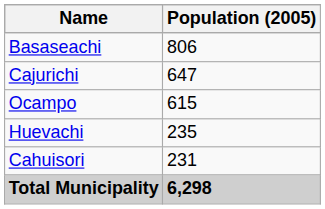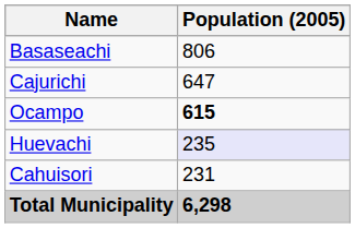 <table class="wikitable">
 <tr style="background:#000000; color:black;">
 <th><strong>Name</strong></th>
 <th><strong>Population (2005)</strong></th>
 </tr>
 <tr>
 <td><a href='#'>Basaseachi</a></td>
 <td>806</td>
 </tr>
 <tr>
 <td><a href='#'>Cajurichi</a></td>
 <td>647</td>
 </tr>
 <tr>
 <td><a href='#'>Ocampo</a></td>
-<td>615</td>
+<td><strong>615</strong></td>
 </tr>
 <tr>
 <td><a href='#'>Huevachi</a></td>
-<td>235</td>
+<td style="background: lavender;">235</td>
 </tr>
 <tr>
 <td><a href='#'>Cahuisori</a></td>
 <td>231</td>
 </tr>
 <tr style="background:#CFCFCF;">
 <td><strong>Total Municipality</strong></td>
 <td><strong>6,298</strong></td>
 </tr>
 </table>
